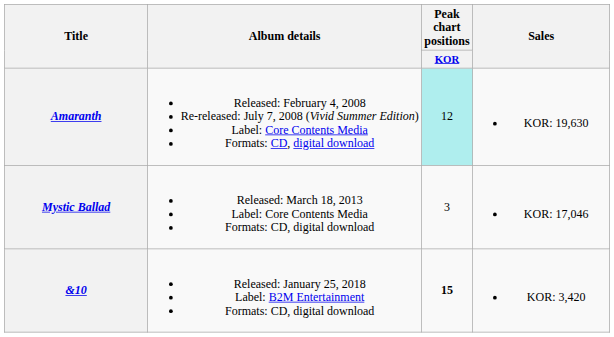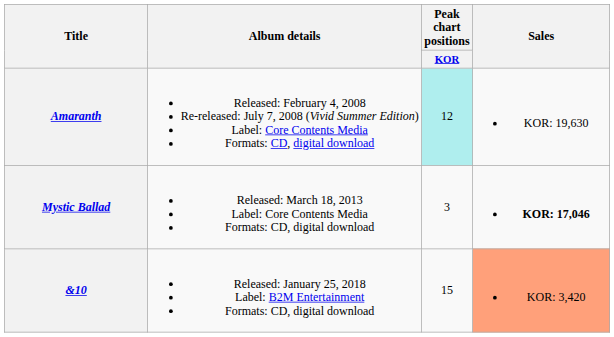 <table class="wikitable plainrowheaders" style="text-align:center;">
 <tr>
 <th rowspan="2" scope="col" style="width:11.5em;">Title</th>
 <th rowspan="2" scope="col">Album details</th>
 <th scope="col" style="width:3em;">Peak chart positions</th>
 <th rowspan="2" scope="col" style="width:11em;">Sales</th>
 </tr>
 <tr>
 <th scope="col" style="width:3em;font-size:90%"><a href='#'>KOR</a><br></th>
 </tr>
 <tr>
 <th scope="row"><em><a href='#'>Amaranth</a></em></th>
 <td><br><ul><li>Released: February 4, 2008</li><li>Re-released: July 7, 2008 (<em>Vivid Summer Edition</em>)</li><li>Label: <a href='#'>Core Contents Media</a></li><li>Formats: <a href='#'>CD</a>, <a href='#'>digital download</a></li></ul></td>
 <td style="background: paleturquoise;">12</td>
 <td><br><ul><li>KOR: 19,630</li></ul></td>
 </tr>
 <tr>
 <th scope="row"><em><a href='#'>Mystic Ballad</a></em></th>
 <td><br><ul><li>Released: March 18, 2013</li><li>Label: Core Contents Media</li><li>Formats: CD, digital download</li></ul></td>
 <td>3</td>
-<td><br><ul><li>KOR: 17,046</li></ul></td>
+<td><strong><br><ul><li>KOR: 17,046</li></ul></strong></td>
 </tr>
 <tr>
 <th scope="row"><em><a href='#'>&10</a></em></th>
 <td><br><ul><li>Released: January 25, 2018</li><li>Label: <a href='#'>B2M Entertainment</a></li><li>Formats: CD, digital download</li></ul></td>
-<td><strong>15</strong></td>
-<td><br><ul><li>KOR: 3,420</li></ul></td>
+<td>15</td>
+<td style="background: lightsalmon;"><br><ul><li>KOR: 3,420</li></ul></td>
 </tr>
 </table>
